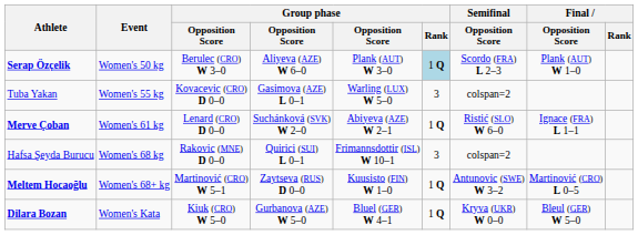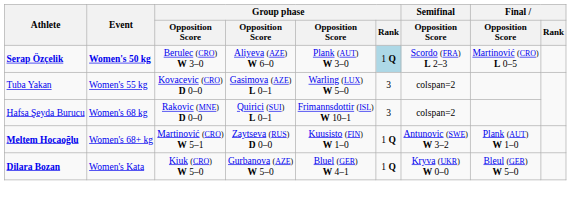 <table class="wikitable" style="font-size:90%">
 <tr>
 <th rowspan="2">Athlete</th>
 <th rowspan="2">Event</th>
 <th colspan=4>Group phase</th>
 <th>Semifinal</th>
 <th colspan=2>Final / </th>
 </tr>
 <tr style="font-size: 95%">
 <th>Opposition <br> Score</th>
 <th>Opposition <br> Score</th>
 <th>Opposition <br> Score</th>
 <th>Rank</th>
 <th>Opposition <br> Score</th>
 <th>Opposition <br> Score</th>
 <th>Rank</th>
 </tr>
 <tr align=center>
 <td align=left><strong><a href='#'>Serap Özçelik</a></strong></td>
-<td align=left><a href='#'>Women's 50 kg</a></td>
+<td align=left><strong><a href='#'>Women's 50 kg</a></strong></td>
 <td> <a href='#'>Berulec</a> <small>(<a href='#'>CRO</a>)</small> <br><strong>W</strong> 3–0</td>
 <td> <a href='#'>Aliyeva</a> <small>(<a href='#'>AZE</a>)</small> <br><strong>W</strong> 6–0</td>
 <td> <a href='#'>Plank</a> <small>(<a href='#'>AUT</a>)</small> <br><strong>W</strong> 3–0</td>
 <td style="background: lightblue;">1 <strong>Q</strong></td>
 <td> <a href='#'>Scordo</a> <small>(<a href='#'>FRA</a>)</small> <br><strong>L</strong> 2–3</td>
-<td> <a href='#'>Plank</a> <small>(<a href='#'>AUT</a>)</small> <br><strong>W</strong> 1–0</td>
+<td> <a href='#'>Martinović</a> <small>(<a href='#'>CRO</a>)</small> <br><strong>L</strong> 0–5</td>
 <td></td>
 </tr>
 <tr align=center>
 <td align=left><a href='#'>Tuba Yakan</a></td>
 <td align=left><a href='#'>Women's 55 kg</a></td>
 <td> <a href='#'>Kovacevic</a> <small>(<a href='#'>CRO</a>)</small> <br><strong>D</strong> 0–0</td>
 <td> <a href='#'>Gasimova</a> <small>(<a href='#'>AZE</a>)</small> <br><strong>L</strong> 0–1</td>
 <td> <a href='#'>Warling</a> <small>(<a href='#'>LUX</a>)</small> <br><strong>W</strong> 5–0</td>
 <td>3</td>
 <td>colspan=2 </td>
-<td></td>
-</tr>
-<tr align=center>
-<td align=left><strong><a href='#'>Merve Çoban</a></strong></td>
-<td align=left><a href='#'>Women's 61 kg</a></td>
-<td> <a href='#'>Lenard</a> <small>(<a href='#'>CRO</a>)</small> <br><strong>D</strong> 0–0</td>
-<td> <a href='#'>Suchánková</a> <small>(<a href='#'>SVK</a>)</small> <br><strong>W</strong> 2–0</td>
-<td> <a href='#'>Abiyeva</a> <small>(<a href='#'>AZE</a>)</small> <br><strong>W</strong> 2–1</td>
-<td>1 <strong>Q</strong></td>
-<td> <a href='#'>Ristić</a> <small>(<a href='#'>SLO</a>)</small> <br><strong>W</strong> 6–0</td>
-<td> <a href='#'>Ignace</a> <small>(<a href='#'>FRA</a>)</small> <br><strong>L</strong> 1–1</td>
 <td></td>
 </tr>
 <tr align=center>
 <td align=left><a href='#'>Hafsa Şeyda Burucu</a></td>
 <td align=left><a href='#'>Women's 68 kg</a></td>
 <td> <a href='#'>Rakovic</a> <small>(<a href='#'>MNE</a>)</small> <br><strong>D</strong> 0–0</td>
 <td> <a href='#'>Quirici</a> <small>(<a href='#'>SUI</a>)</small> <br><strong>L</strong> 0–1</td>
 <td> <a href='#'>Frimannsdottir</a> <small>(<a href='#'>ISL</a>)</small> <br><strong>W</strong> 10–1</td>
 <td>3</td>
 <td>colspan=2 </td>
 <td></td>
 </tr>
 <tr align=center>
 <td align=left><strong><a href='#'>Meltem Hocaoğlu</a></strong></td>
 <td align=left><a href='#'>Women's 68+ kg</a></td>
 <td> <a href='#'>Martinović</a> <small>(<a href='#'>CRO</a>)</small> <br><strong>W</strong> 5–1</td>
 <td> <a href='#'>Zaytseva</a> <small>(<a href='#'>RUS</a>)</small> <br><strong>D</strong> 0–0</td>
 <td> <a href='#'>Kuusisto</a> <small>(<a href='#'>FIN</a>)</small> <br><strong>W</strong> 1–0</td>
 <td>1 <strong>Q</strong></td>
 <td> <a href='#'>Antunovic</a> <small>(<a href='#'>SWE</a>)</small> <br><strong>W</strong> 3–2</td>
-<td> <a href='#'>Martinović</a> <small>(<a href='#'>CRO</a>)</small> <br><strong>L</strong> 0–5</td>
+<td> <a href='#'>Plank</a> <small>(<a href='#'>AUT</a>)</small> <br><strong>W</strong> 1–0</td>
 <td></td>
 </tr>
 <tr align=center>
 <td align=left><strong><a href='#'>Dilara Bozan</a></strong></td>
 <td align=left><a href='#'>Women's Kata</a></td>
 <td> <a href='#'>Kiuk</a> <small>(<a href='#'>CRO</a>)</small> <br><strong>W</strong> 5–0</td>
 <td> <a href='#'>Gurbanova</a> <small>(<a href='#'>AZE</a>)</small> <br><strong>W</strong> 5–0</td>
 <td> <a href='#'>Bluel</a> <small>(<a href='#'>GER</a>)</small> <br><strong>W</strong> 4–1</td>
 <td>1 <strong>Q</strong></td>
 <td> <a href='#'>Kryva</a> <small>(<a href='#'>UKR</a>)</small> <br><strong>W</strong> 0–0</td>
 <td> <a href='#'>Bleul</a> <small>(<a href='#'>GER</a>)</small> <br><strong>W</strong> 5–0</td>
 <td></td>
 </tr>
 </table>
